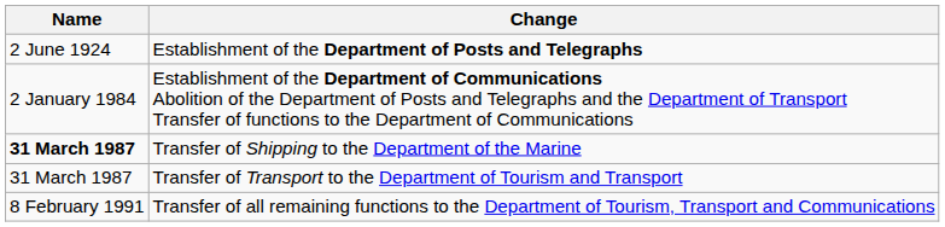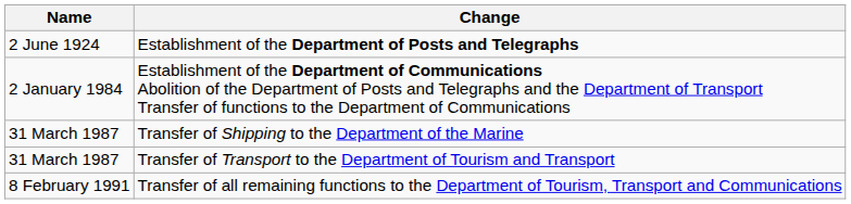 <table class="wikitable">
 <tr>
 <th>Name</th>
 <th>Change</th>
 </tr>
 <tr>
 <td>2 June 1924</td>
 <td>Establishment of the <strong>Department of Posts and Telegraphs</strong></td>
 </tr>
 <tr>
 <td>2 January 1984</td>
 <td>Establishment of the <strong>Department of Communications</strong><br>Abolition of the Department of Posts and Telegraphs and the <a href='#'>Department of Transport</a><br>Transfer of functions to the Department of Communications</td>
 </tr>
 <tr>
-<td><strong>31 March 1987</strong></td>
+<td>31 March 1987</td>
 <td>Transfer of <em>Shipping</em> to the <a href='#'>Department of the Marine</a></td>
 </tr>
 <tr>
 <td>31 March 1987</td>
 <td>Transfer of <em>Transport</em> to the <a href='#'>Department of Tourism and Transport</a></td>
 </tr>
 <tr>
 <td>8 February 1991</td>
 <td>Transfer of all remaining functions to the <a href='#'>Department of Tourism, Transport and Communications</a></td>
 </tr>
 </table>
